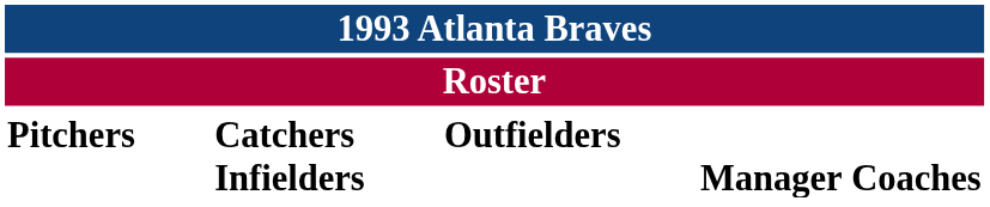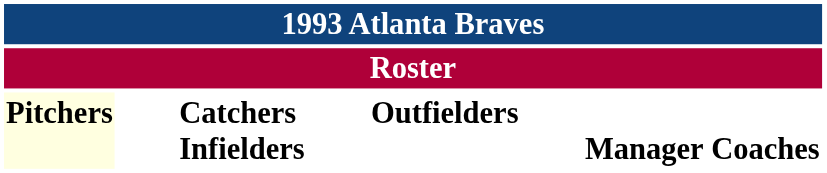 <table class="toccolours" style="font-size: 95%;">
 <tr>
 <th colspan="10" style="background-color: #0f437c; color: #FFFFFF; text-align: center;">1993 Atlanta Braves</th>
 </tr>
 <tr>
 <td colspan="10" style="background-color:#af0039; color: white; text-align: center;"><strong>Roster</strong></td>
 </tr>
 <tr>
-<td valign="top"><strong>Pitchers</strong><br>            </td>
+<td valign="top" style="background: lightyellow;"><strong>Pitchers</strong><br>            </td>
 <td width="25px"></td>
 <td valign="top"><strong>Catchers</strong><br>   <strong>Infielders</strong>           </td>
 <td width="25px"></td>
 <td valign="top"><strong>Outfielders</strong><br>    </td>
 <td width="25px"></td>
 <td valign="top"><br><strong>Manager</strong>  <strong>Coaches</strong>      </td>
 </tr>
 </table>
